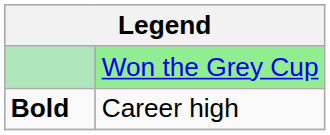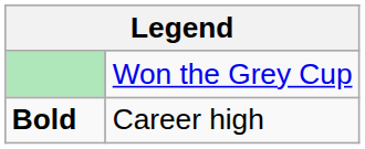 <table class="wikitable mw-collapsible">
 <tr>
 <th colspan="2">Legend</th>
 </tr>
 <tr>
 <td style="background:#afe6ba; width:3em;"></td>
-<td style="background: lightgreen;"><a href='#'>Won the Grey Cup</a></td>
+<td><a href='#'>Won the Grey Cup</a></td>
 </tr>
 <tr>
 <td><strong>Bold</strong></td>
 <td>Career high</td>
 </tr>
 </table>
